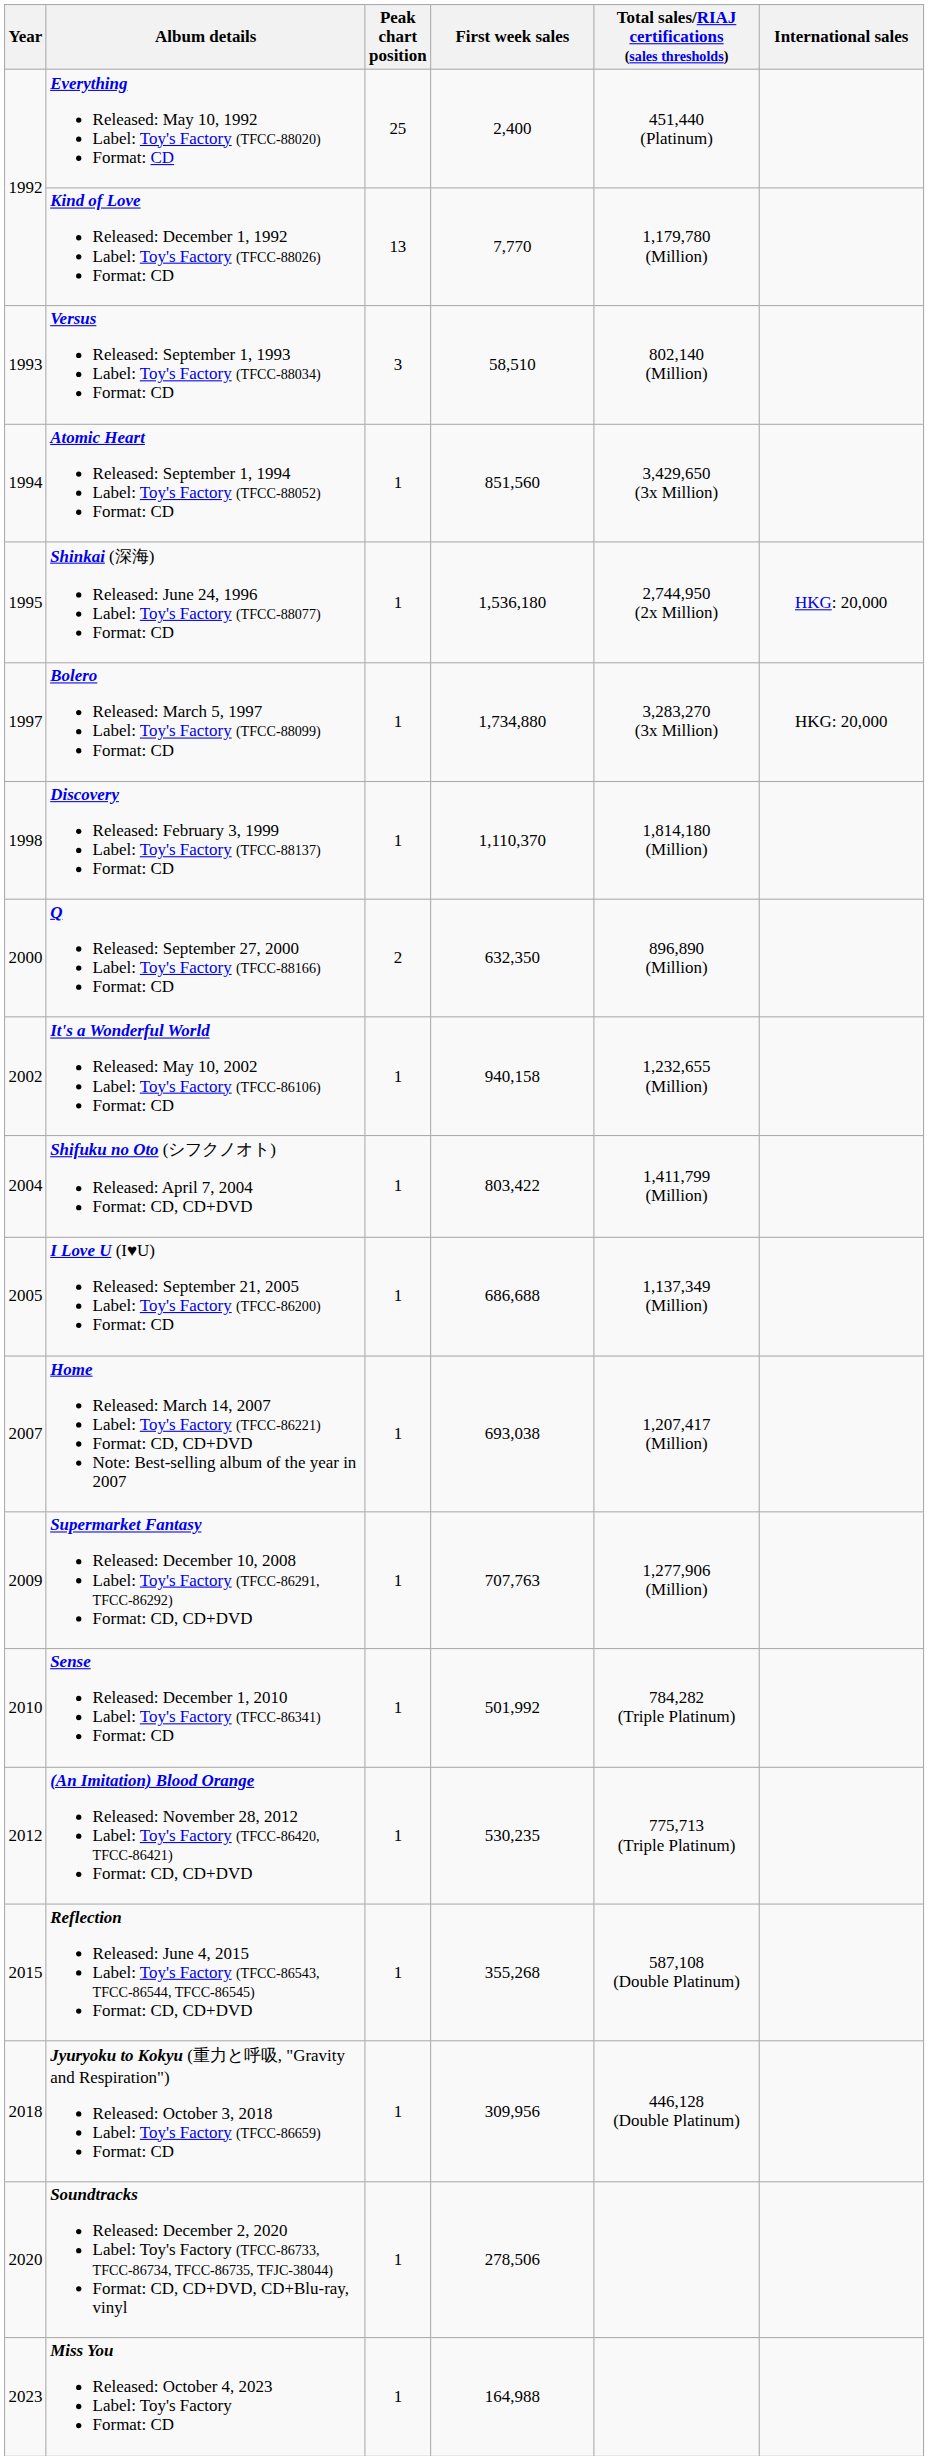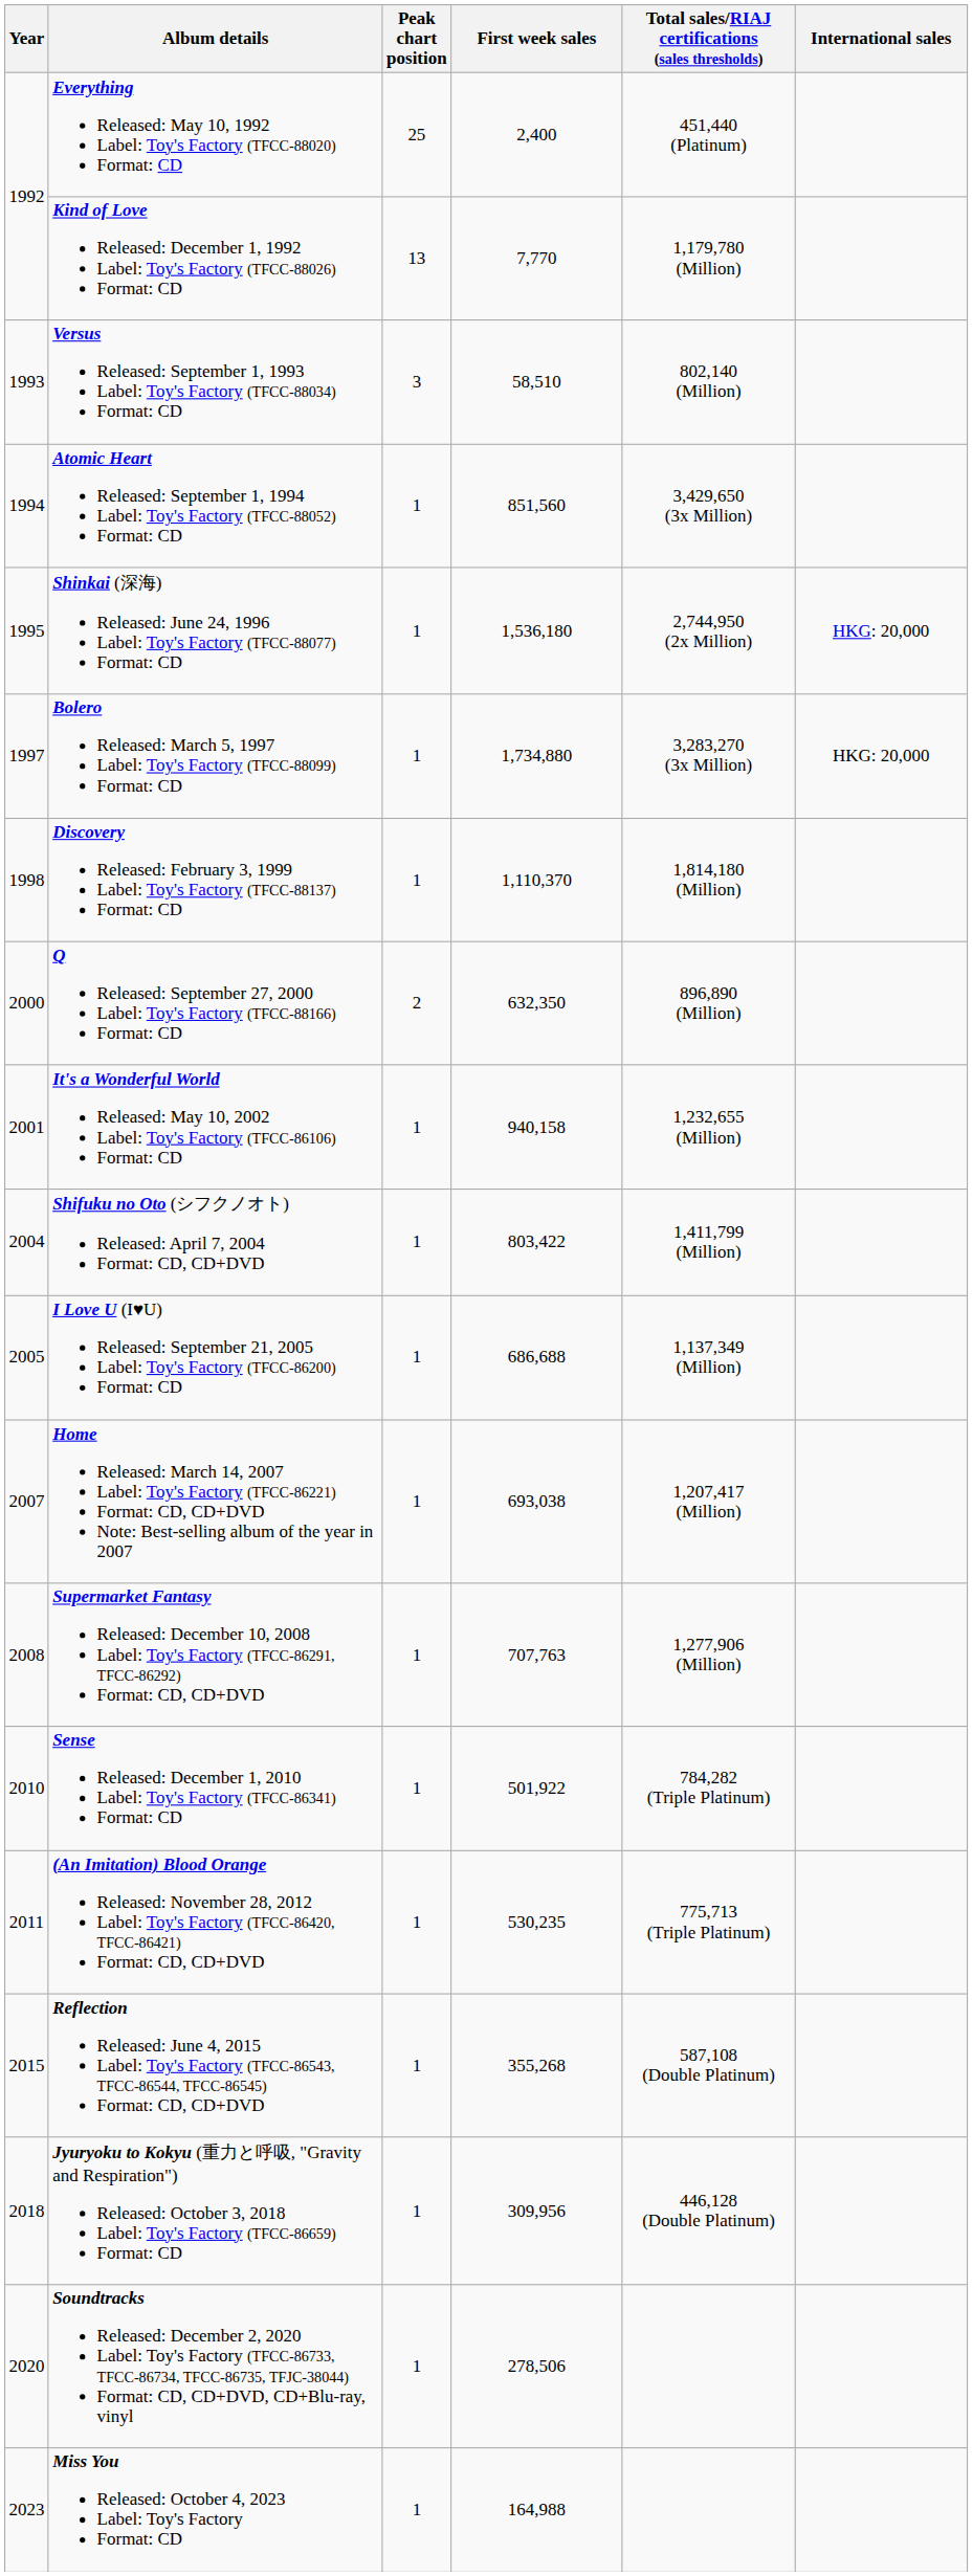 <table class="wikitable">
 <tr>
 <th rowspan="1">Year</th>
 <th rowspan="1" width="300">Album details</th>
 <th>Peak chart position</th>
 <th width="150" rowspan="1">First week sales</th>
 <th width="150" rowspan="1">Total sales/<a href='#'>RIAJ</a> <a href='#'>certifications</a><br><small>(<a href='#'>sales thresholds</a>)</small></th>
 <th width="150" rowspan="1">International sales</th>
 </tr>
 <tr>
 <td rowspan="2" align="center">1992</td>
 <td><strong><em><a href='#'>Everything</a></em></strong><br><ul><li>Released: May 10, 1992</li><li>Label: <a href='#'>Toy's Factory</a> <small>(TFCC-88020)</small></li><li>Format: <a href='#'>CD</a></li></ul></td>
 <td align="center">25</td>
 <td align="center">2,400</td>
 <td align="center">451,440<br>(Platinum)</td>
 <td></td>
 </tr>
 <tr>
 <td><strong><em><a href='#'>Kind of Love</a></em></strong><br><ul><li>Released: December 1, 1992</li><li>Label: <a href='#'>Toy's Factory</a> <small>(TFCC-88026)</small></li><li>Format: CD</li></ul></td>
 <td align="center">13</td>
 <td align="center">7,770</td>
 <td align="center">1,179,780<br>(Million)</td>
 <td></td>
 </tr>
 <tr>
 <td align="center">1993</td>
 <td><strong><em><a href='#'>Versus</a></em></strong><br><ul><li>Released: September 1, 1993</li><li>Label: <a href='#'>Toy's Factory</a> <small>(TFCC-88034)</small></li><li>Format: CD</li></ul></td>
 <td align="center">3</td>
 <td align="center">58,510</td>
 <td align="center">802,140<br>(Million)</td>
 <td></td>
 </tr>
 <tr>
 <td align="center">1994</td>
 <td><strong><em><a href='#'>Atomic Heart</a></em></strong><br><ul><li>Released: September 1, 1994</li><li>Label: <a href='#'>Toy's Factory</a> <small>(TFCC-88052)</small></li><li>Format: CD</li></ul></td>
 <td align="center">1</td>
 <td align="center">851,560</td>
 <td align="center">3,429,650<br>(3x Million)</td>
 <td></td>
 </tr>
 <tr>
 <td align="center">1995</td>
 <td><strong><em><a href='#'>Shinkai</a></em></strong> (深海)<br><ul><li>Released: June 24, 1996</li><li>Label: <a href='#'>Toy's Factory</a> <small>(TFCC-88077)</small></li><li>Format: CD</li></ul></td>
 <td align="center">1</td>
 <td align="center">1,536,180</td>
 <td align="center">2,744,950<br>(2x Million)</td>
 <td align="center"><a href='#'>HKG</a>: 20,000</td>
 </tr>
 <tr>
 <td align="center">1997</td>
 <td><strong><em><a href='#'>Bolero</a></em></strong><br><ul><li>Released: March 5, 1997</li><li>Label: <a href='#'>Toy's Factory</a> <small>(TFCC-88099)</small></li><li>Format: CD</li></ul></td>
 <td align="center">1</td>
 <td align="center">1,734,880</td>
 <td align="center">3,283,270<br>(3x Million)</td>
 <td align="center">HKG: 20,000</td>
 </tr>
 <tr>
 <td align="center">1998</td>
 <td><strong><em><a href='#'>Discovery</a></em></strong><br><ul><li>Released: February 3, 1999</li><li>Label: <a href='#'>Toy's Factory</a> <small>(TFCC-88137)</small></li><li>Format: CD</li></ul></td>
 <td align="center">1</td>
 <td align="center">1,110,370</td>
 <td align="center">1,814,180<br>(Million)</td>
 <td></td>
 </tr>
 <tr>
 <td align="center">2000</td>
 <td><strong><em><a href='#'>Q</a></em></strong><br><ul><li>Released: September 27, 2000</li><li>Label: <a href='#'>Toy's Factory</a> <small>(TFCC-88166)</small></li><li>Format: CD</li></ul></td>
 <td align="center">2</td>
 <td align="center">632,350</td>
 <td align="center">896,890<br>(Million)</td>
 <td></td>
 </tr>
 <tr>
-<td align="center">2002</td>
+<td align="center">2001</td>
 <td><strong><em><a href='#'>It's a Wonderful World</a></em></strong><br><ul><li>Released: May 10, 2002</li><li>Label: <a href='#'>Toy's Factory</a> <small>(TFCC-86106)</small></li><li>Format: CD</li></ul></td>
 <td align="center">1</td>
 <td align="center">940,158</td>
 <td align="center">1,232,655<br>(Million)</td>
 <td></td>
 </tr>
 <tr>
 <td align="center">2004</td>
 <td><strong><em><a href='#'>Shifuku no Oto</a></em></strong> (シフクノオト)<br><ul><li>Released: April 7, 2004</li><li>Format: CD, CD+DVD</li></ul></td>
 <td align="center">1</td>
 <td align="center">803,422</td>
 <td align="center">1,411,799<br>(Million)</td>
 <td></td>
 </tr>
 <tr>
 <td align="center">2005</td>
 <td><strong><em><a href='#'>I Love U</a></em></strong> (I♥U)<br><ul><li>Released: September 21, 2005</li><li>Label: <a href='#'>Toy's Factory</a> <small>(TFCC-86200)</small></li><li>Format: CD</li></ul></td>
 <td align="center">1</td>
 <td align="center">686,688</td>
 <td align="center">1,137,349<br>(Million)</td>
 <td></td>
 </tr>
 <tr>
 <td align="center">2007</td>
 <td><strong><em><a href='#'>Home</a></em></strong><br><ul><li>Released: March 14, 2007</li><li>Label: <a href='#'>Toy's Factory</a> <small>(TFCC-86221)</small></li><li>Format: CD, CD+DVD</li><li>Note: Best-selling album of the year in 2007</li></ul></td>
 <td align="center">1</td>
 <td align="center">693,038</td>
 <td align="center">1,207,417<br>(Million)</td>
 <td></td>
 </tr>
 <tr>
-<td align="center">2009</td>
+<td align="center">2008</td>
 <td><strong><em><a href='#'>Supermarket Fantasy</a></em></strong><br><ul><li>Released: December 10, 2008</li><li>Label: <a href='#'>Toy's Factory</a> <small>(TFCC-86291, TFCC-86292)</small></li><li>Format: CD, CD+DVD</li></ul></td>
 <td align="center">1</td>
 <td align="center">707,763</td>
 <td align="center">1,277,906<br>(Million)</td>
 <td></td>
 </tr>
 <tr>
 <td align="center">2010</td>
 <td><strong><em><a href='#'>Sense</a></em></strong><br><ul><li>Released: December 1, 2010</li><li>Label: <a href='#'>Toy's Factory</a> <small>(TFCC-86341)</small></li><li>Format: CD</li></ul></td>
 <td align="center">1</td>
-<td align="center">501,992</td>
+<td align="center">501,922</td>
 <td align="center">784,282<br>(Triple Platinum)</td>
 <td></td>
 </tr>
 <tr>
-<td align="center">2012</td>
+<td align="center">2011</td>
 <td><strong><em><a href='#'>(An Imitation) Blood Orange</a></em></strong><br><ul><li>Released: November 28, 2012</li><li>Label: <a href='#'>Toy's Factory</a> <small>(TFCC-86420, TFCC-86421)</small></li><li>Format: CD, CD+DVD</li></ul></td>
 <td align="center">1</td>
 <td align="center">530,235</td>
 <td align="center">775,713<br>(Triple Platinum)</td>
 <td></td>
 </tr>
 <tr>
 <td align="center">2015</td>
 <td><strong><em>Reflection</em></strong><br><ul><li>Released: June 4, 2015</li><li>Label: <a href='#'>Toy's Factory</a> <small>(TFCC-86543, TFCC-86544, TFCC-86545)</small></li><li>Format: CD, CD+DVD</li></ul></td>
 <td align="center">1</td>
 <td align="center">355,268</td>
 <td align="center">587,108<br>(Double Platinum)</td>
 <td></td>
 </tr>
 <tr>
 <td align="center">2018</td>
 <td><strong><em>Jyuryoku to Kokyu</em></strong> (重力と呼吸, "Gravity and Respiration")<br><ul><li>Released: October 3, 2018</li><li>Label: <a href='#'>Toy's Factory</a> <small>(TFCC-86659)</small></li><li>Format: CD</li></ul></td>
 <td align="center">1</td>
 <td align="center">309,956</td>
 <td align="center">446,128<br>(Double Platinum)</td>
 <td></td>
 </tr>
 <tr>
 <td align="center">2020</td>
 <td><strong><em>Soundtracks</em></strong><br><ul><li>Released: December 2, 2020</li><li>Label: Toy's Factory <small>(TFCC-86733, TFCC-86734, TFCC-86735, TFJC-38044)</small></li><li>Format: CD, CD+DVD, CD+Blu-ray, vinyl</li></ul></td>
 <td align="center">1</td>
 <td align="center">278,506</td>
 <td align="center"></td>
 <td></td>
 </tr>
 <tr>
 <td align="center">2023</td>
 <td><strong><em>Miss You</em></strong><br><ul><li>Released: October 4, 2023</li><li>Label: Toy's Factory</li><li>Format: CD</li></ul></td>
 <td align="center">1</td>
 <td align="center">164,988</td>
 <td align="center"></td>
 <td></td>
 </tr>
 </table>
